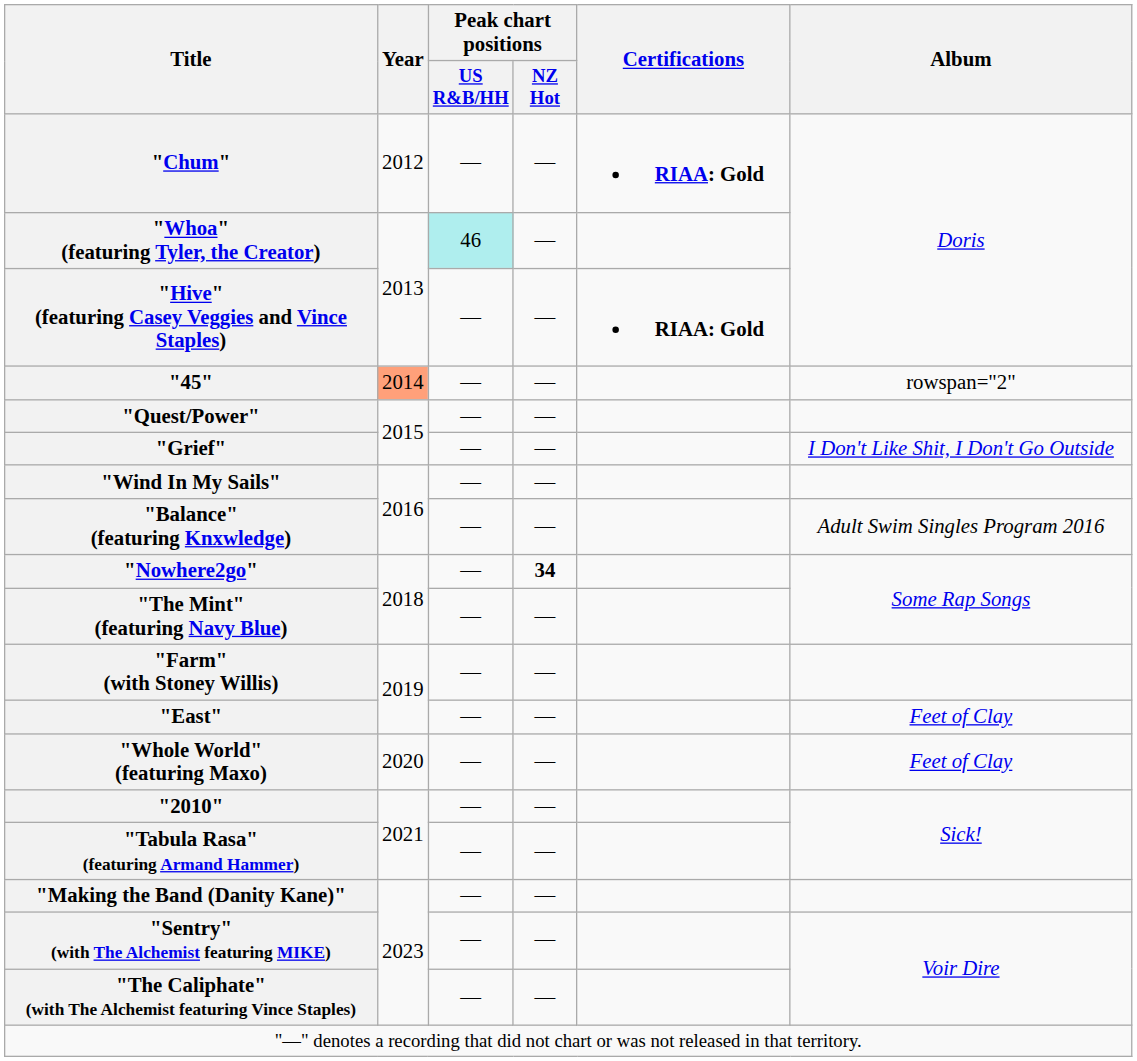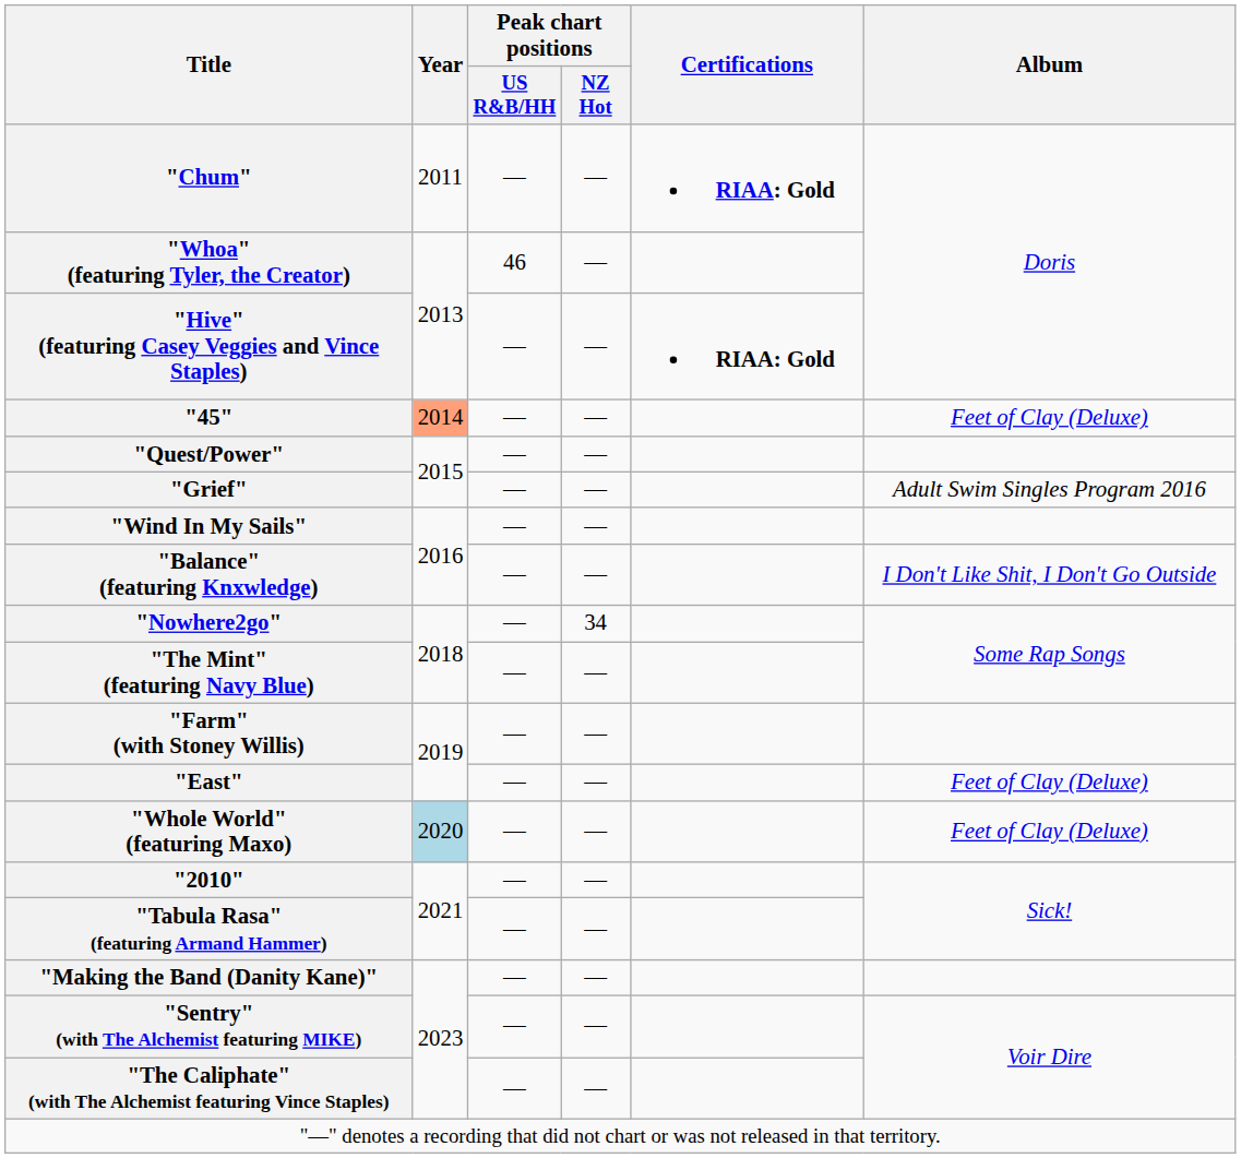 <table class="wikitable plainrowheaders" style="text-align:center;">
 <tr>
 <th scope="col" rowspan="2" style="width:18em;">Title</th>
 <th scope="col" rowspan="2" style="width:1em;">Year</th>
 <th scope="col" colspan="2">Peak chart positions</th>
 <th scope="col" rowspan="2" style="width:10em;"><a href='#'>Certifications</a></th>
 <th scope="col" rowspan="2" style="width:16.5em;">Album</th>
 </tr>
 <tr>
 <th scope="col" style="width:3em;font-size:90%;"><a href='#'>US R&B/HH</a><br></th>
 <th scope="col" style="width:3em;font-size:90%;"><a href='#'>NZ<br>Hot</a><br></th>
 </tr>
 <tr>
 <th scope="row">"<a href='#'>Chum</a>"</th>
-<td>2012</td>
+<td>2011</td>
 <td>—</td>
 <td>—</td>
 <td><strong><br><ul><li><a href='#'>RIAA</a>: Gold</li></ul></strong></td>
 <td rowspan="3"><em><a href='#'>Doris</a></em></td>
 </tr>
 <tr>
 <th scope="row">"<a href='#'>Whoa</a>"<br><span>(featuring <a href='#'>Tyler, the Creator</a>)</span></th>
 <td rowspan="2">2013</td>
-<td style="background: paleturquoise;">46</td>
+<td>46</td>
 <td>—</td>
 <td></td>
 </tr>
 <tr>
 <th scope="row">"<a href='#'>Hive</a>"<br><span>(featuring <a href='#'>Casey Veggies</a> and <a href='#'>Vince Staples</a>)</span></th>
 <td>—</td>
 <td>—</td>
 <td><strong><br><ul><li>RIAA: Gold</li></ul></strong></td>
 </tr>
 <tr>
 <th scope="row">"45"</th>
 <td style="background: lightsalmon;">2014</td>
 <td>—</td>
 <td>—</td>
 <td></td>
-<td>rowspan="2" </td>
+<td><em><a href='#'>Feet of Clay (Deluxe)</a></em></td>
 </tr>
 <tr>
 <th scope="row">"Quest/Power"</th>
 <td rowspan="2">2015</td>
 <td>—</td>
 <td>—</td>
 <td></td>
 </tr>
 <tr>
 <th scope="row">"Grief"</th>
 <td>—</td>
 <td>—</td>
 <td></td>
-<td><em><a href='#'>I Don't Like Shit, I Don't Go Outside</a></em></td>
+<td><em>Adult Swim Singles Program 2016</em></td>
 </tr>
 <tr>
 <th scope="row">"Wind In My Sails"</th>
 <td rowspan="2">2016</td>
 <td>—</td>
 <td>—</td>
 <td></td>
 <td></td>
 </tr>
 <tr>
 <th scope="row">"Balance"<br><span>(featuring <a href='#'>Knxwledge</a>)</span></th>
 <td>—</td>
 <td>—</td>
 <td></td>
-<td><em>Adult Swim Singles Program 2016</em></td>
+<td><em><a href='#'>I Don't Like Shit, I Don't Go Outside</a></em></td>
 </tr>
 <tr>
 <th scope="row">"<a href='#'>Nowhere2go</a>"</th>
 <td rowspan="2">2018</td>
 <td>—</td>
-<td><strong>34</strong></td>
+<td>34</td>
 <td></td>
 <td rowspan="2"><em><a href='#'>Some Rap Songs</a></em></td>
 </tr>
 <tr>
 <th scope="row">"The Mint"<br><span>(featuring <a href='#'>Navy Blue</a>)</span></th>
 <td>—</td>
 <td>—</td>
 <td></td>
 </tr>
 <tr>
 <th scope="row">"Farm"<br><span>(with Stoney Willis)</span></th>
 <td rowspan="2">2019</td>
 <td>—</td>
 <td>—</td>
 <td></td>
 <td></td>
 </tr>
 <tr>
 <th scope="row">"East"</th>
 <td>—</td>
 <td>—</td>
 <td></td>
-<td><em><a href='#'>Feet of Clay</a></em></td>
+<td><em><a href='#'>Feet of Clay (Deluxe)</a></em></td>
 </tr>
 <tr>
 <th scope="row">"Whole World"<br><span>(featuring Maxo)</span></th>
-<td>2020</td>
+<td style="background: lightblue;">2020</td>
 <td>—</td>
 <td>—</td>
 <td></td>
-<td><em><a href='#'>Feet of Clay</a></em></td>
+<td><em><a href='#'>Feet of Clay (Deluxe)</a></em></td>
 </tr>
 <tr>
 <th scope="row">"2010"</th>
 <td rowspan="2">2021</td>
 <td>—</td>
 <td>—</td>
 <td></td>
 <td rowspan="2"><em><a href='#'>Sick!</a></em></td>
 </tr>
 <tr>
 <th scope="row">"Tabula Rasa"<br><small>(featuring <a href='#'>Armand Hammer</a>)</small></th>
 <td>—</td>
 <td>—</td>
 <td></td>
 </tr>
 <tr>
 <th scope="row">"Making the Band (Danity Kane)"</th>
 <td rowspan="3">2023</td>
 <td>—</td>
 <td>—</td>
 <td></td>
 <td></td>
 </tr>
 <tr>
 <th scope="row">"Sentry"<br><small>(with <a href='#'>The Alchemist</a> featuring <a href='#'>MIKE</a>)</small></th>
 <td>—</td>
 <td>—</td>
 <td></td>
 <td rowspan="2"><em><a href='#'>Voir Dire</a></em></td>
 </tr>
 <tr>
 <th scope="row">"The Caliphate"<br><small>(with The Alchemist featuring Vince Staples)</small></th>
 <td>—</td>
 <td>—</td>
 <td></td>
 </tr>
 <tr>
 <td colspan="13" style="font-size:90%">"—" denotes a recording that did not chart or was not released in that territory.</td>
 </tr>
 </table>
